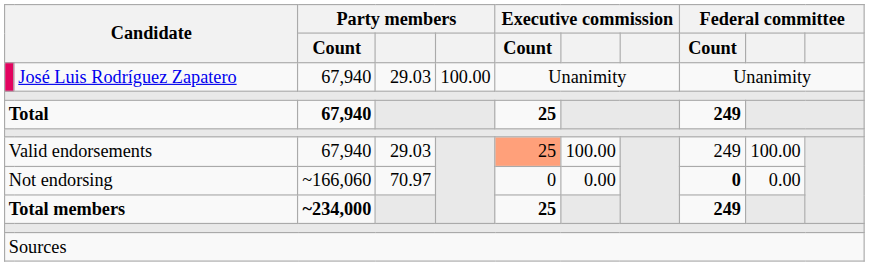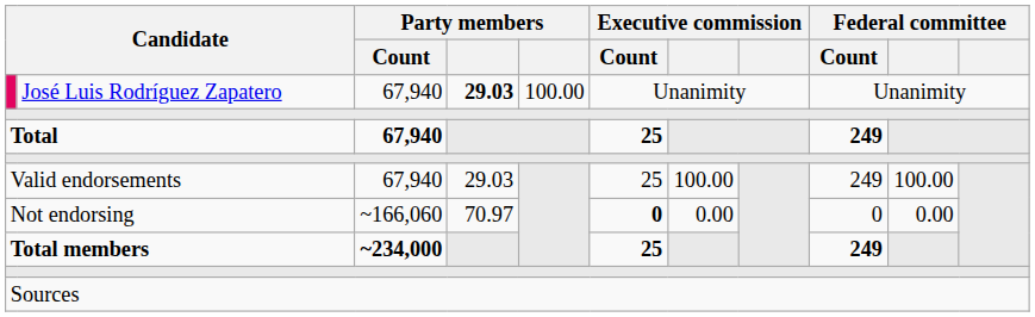 <table class="wikitable" style="text-align:right;">
 <tr>
 <th rowspan="2" colspan="2" width="250">Candidate</th>
 <th colspan="3">Party members</th>
 <th colspan="3">Executive commission</th>
 <th colspan="3">Federal committee</th>
 </tr>
 <tr>
 <th width="60">Count</th>
 <th width="45"></th>
 <th width="45"></th>
 <th width="50">Count</th>
 <th width="45"></th>
 <th width="45"></th>
 <th width="50">Count</th>
 <th width="45"></th>
 <th width="45"></th>
 </tr>
 <tr>
 <td width="1" style="color:inherit;background:#E3035F"></td>
 <td align="left"><a href='#'>José Luis Rodríguez Zapatero</a></td>
 <td>67,940</td>
-<td>29.03</td>
+<td><strong>29.03</strong></td>
 <td>100.00</td>
 <td colspan="3" align="center">Unanimity</td>
 <td colspan="3" align="center">Unanimity</td>
 </tr>
 <tr>
 <td colspan="11" bgcolor="#E9E9E9"></td>
 </tr>
 <tr style="font-weight:bold;">
 <td align="left" colspan="2">Total</td>
 <td>67,940</td>
 <td bgcolor="#E9E9E9" colspan="2"></td>
 <td>25</td>
 <td bgcolor="#E9E9E9" colspan="2"></td>
 <td>249</td>
 <td bgcolor="#E9E9E9" colspan="2"></td>
 </tr>
 <tr>
 <td colspan="11" bgcolor="#E9E9E9"></td>
 </tr>
 <tr>
 <td align="left" colspan="2">Valid endorsements</td>
 <td>67,940</td>
 <td>29.03</td>
 <td rowspan="3" bgcolor="#E9E9E9"></td>
-<td style="background: lightsalmon;">25</td>
+<td>25</td>
 <td>100.00</td>
 <td rowspan="3" bgcolor="#E9E9E9"></td>
 <td>249</td>
 <td>100.00</td>
 <td rowspan="3" bgcolor="#E9E9E9"></td>
 </tr>
 <tr>
 <td align="left" colspan="2">Not endorsing</td>
 <td>~166,060</td>
 <td>70.97</td>
+<td><strong>0</strong></td>
+<td>0.00</td>
 <td>0</td>
-<td>0.00</td>
-<td><strong>0</strong></td>
 <td>0.00</td>
 </tr>
 <tr style="font-weight:bold;">
 <td align="left" colspan="2">Total members</td>
 <td>~234,000</td>
 <td bgcolor="#E9E9E9"></td>
 <td>25</td>
 <td bgcolor="#E9E9E9"></td>
 <td>249</td>
 <td bgcolor="#E9E9E9"></td>
 </tr>
 <tr>
 <td colspan="11" bgcolor="#E9E9E9"></td>
 </tr>
 <tr>
 <td align="left" colspan="11">Sources</td>
 </tr>
 </table>
